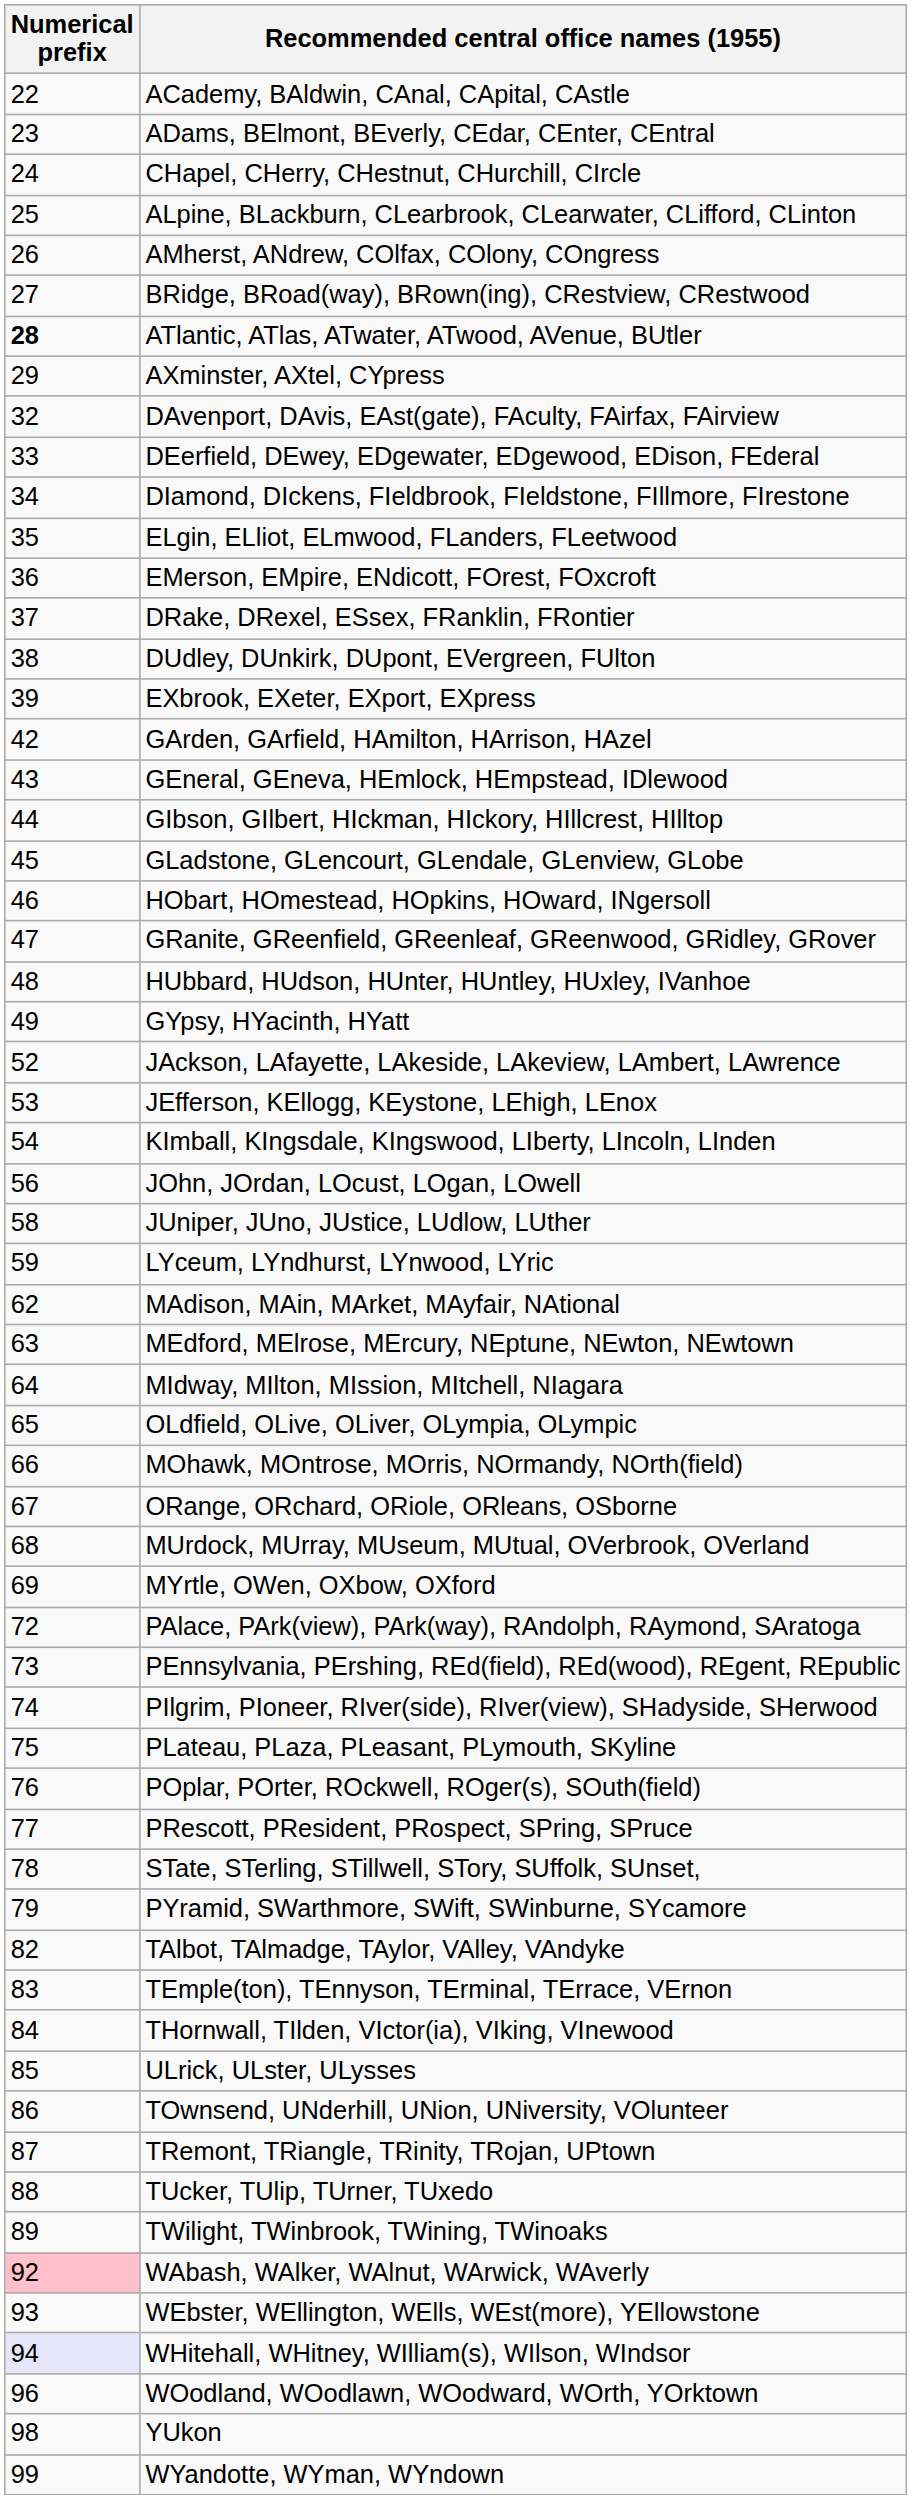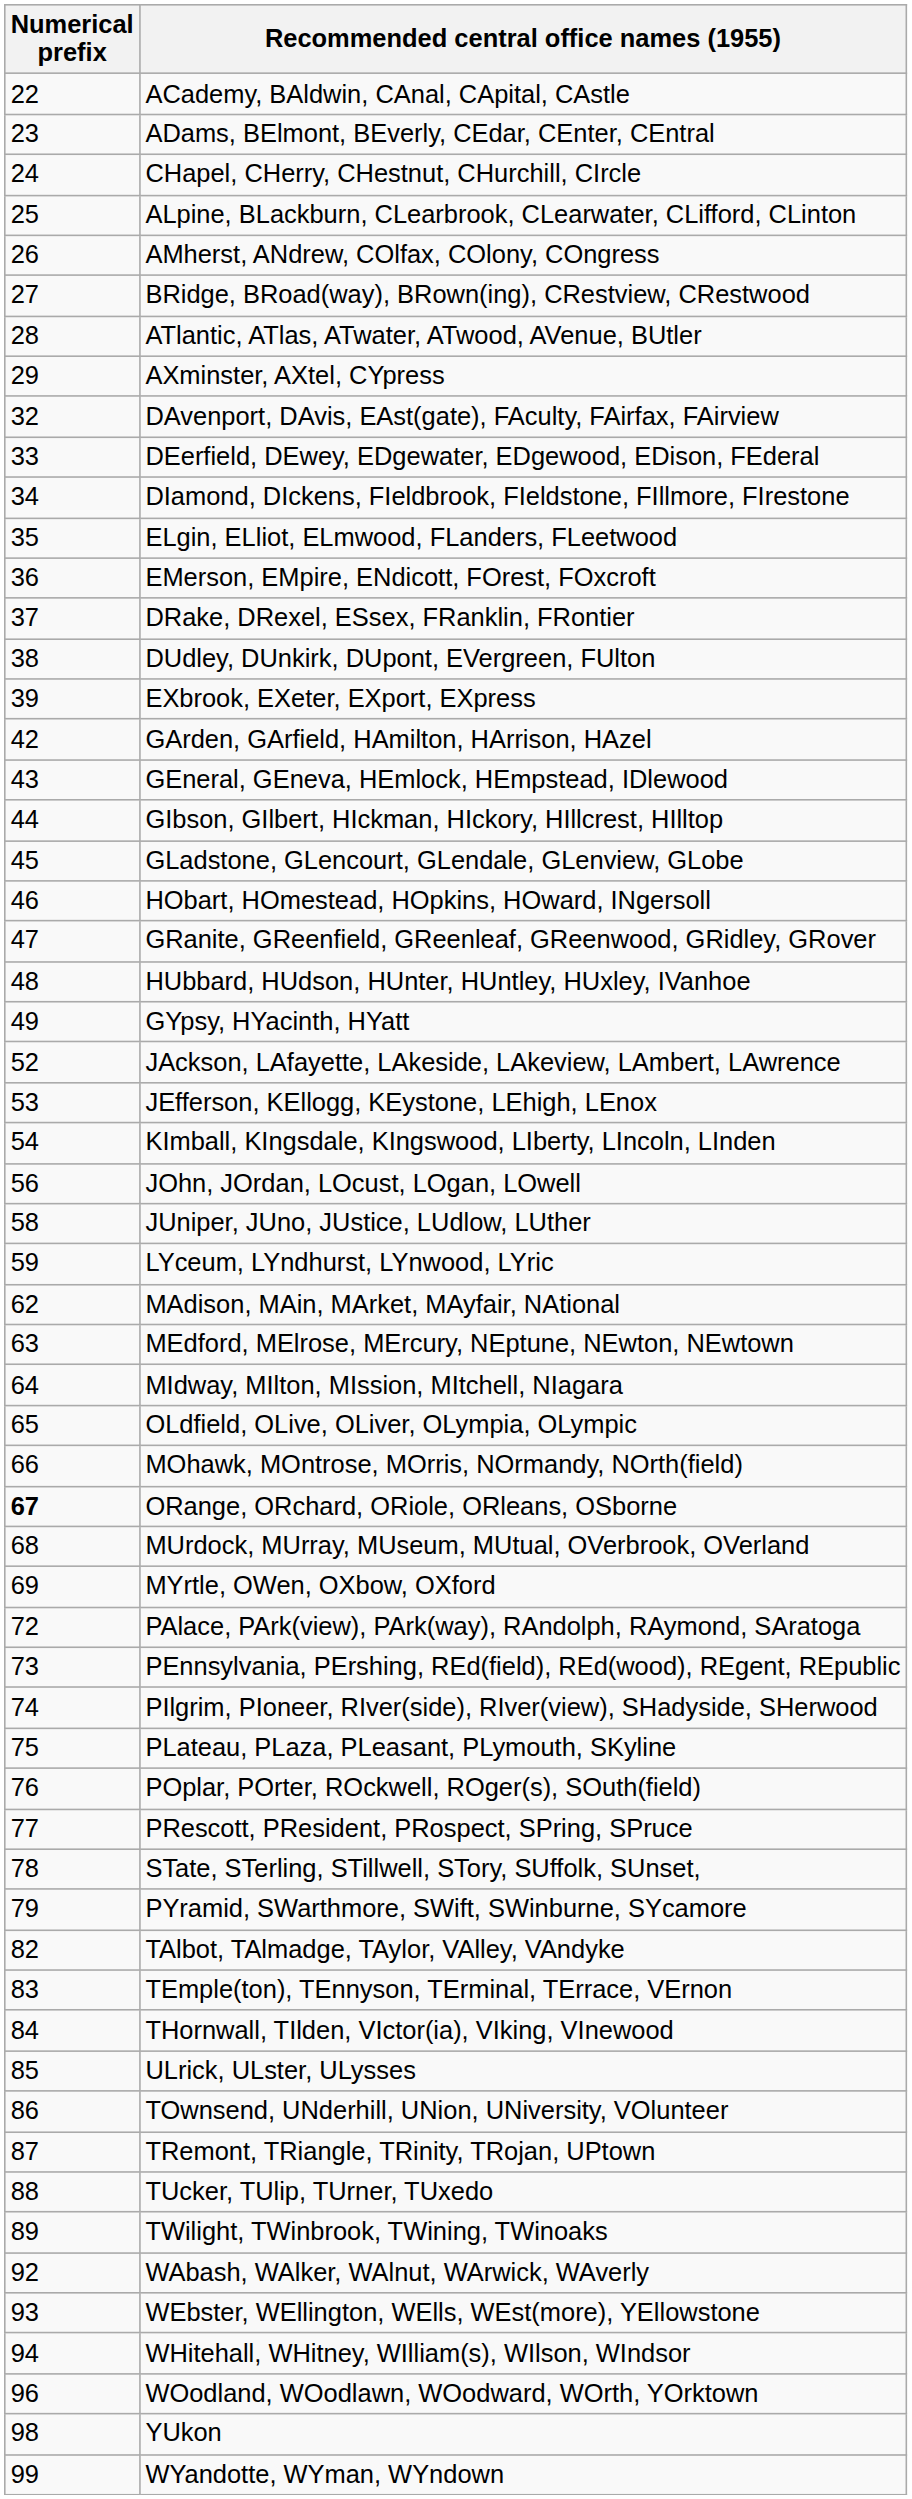 <table class=wikitable>
 <tr>
 <th>Numerical<br>prefix</th>
 <th>Recommended central office names (1955)</th>
 </tr>
 <tr>
 <td>22</td>
 <td>ACademy, BAldwin, CAnal, CApital, CAstle</td>
 </tr>
 <tr>
 <td>23</td>
 <td>ADams, BElmont, BEverly, CEdar, CEnter, CEntral</td>
 </tr>
 <tr>
 <td>24</td>
 <td>CHapel, CHerry, CHestnut, CHurchill, CIrcle</td>
 </tr>
 <tr>
 <td>25</td>
 <td>ALpine, BLackburn, CLearbrook, CLearwater, CLifford, CLinton</td>
 </tr>
 <tr>
 <td>26</td>
 <td>AMherst, ANdrew, COlfax, COlony, COngress</td>
 </tr>
 <tr>
 <td>27</td>
 <td>BRidge, BRoad(way), BRown(ing), CRestview, CRestwood</td>
 </tr>
 <tr>
-<td><strong>28</strong></td>
+<td>28</td>
 <td>ATlantic, ATlas, ATwater, ATwood, AVenue, BUtler</td>
 </tr>
 <tr>
 <td>29</td>
 <td>AXminster, AXtel, CYpress</td>
 </tr>
 <tr>
 <td>32</td>
 <td>DAvenport, DAvis, EAst(gate), FAculty, FAirfax, FAirview</td>
 </tr>
 <tr>
 <td>33</td>
 <td>DEerfield, DEwey, EDgewater, EDgewood, EDison, FEderal</td>
 </tr>
 <tr>
 <td>34</td>
 <td>DIamond, DIckens, FIeldbrook, FIeldstone, FIllmore, FIrestone</td>
 </tr>
 <tr>
 <td>35</td>
 <td>ELgin, ELliot, ELmwood, FLanders, FLeetwood</td>
 </tr>
 <tr>
 <td>36</td>
 <td>EMerson, EMpire, ENdicott, FOrest, FOxcroft</td>
 </tr>
 <tr>
 <td>37</td>
 <td>DRake, DRexel, ESsex, FRanklin, FRontier</td>
 </tr>
 <tr>
 <td>38</td>
 <td>DUdley, DUnkirk, DUpont, EVergreen, FUlton</td>
 </tr>
 <tr>
 <td>39</td>
 <td>EXbrook, EXeter, EXport, EXpress</td>
 </tr>
 <tr>
 <td>42</td>
 <td>GArden, GArfield, HAmilton, HArrison, HAzel</td>
 </tr>
 <tr>
 <td>43</td>
 <td>GEneral, GEneva, HEmlock, HEmpstead, IDlewood</td>
 </tr>
 <tr>
 <td>44</td>
 <td>GIbson, GIlbert, HIckman, HIckory, HIllcrest, HIlltop</td>
 </tr>
 <tr>
 <td>45</td>
 <td>GLadstone, GLencourt, GLendale, GLenview, GLobe</td>
 </tr>
 <tr>
 <td>46</td>
 <td>HObart, HOmestead, HOpkins, HOward, INgersoll</td>
 </tr>
 <tr>
 <td>47</td>
 <td>GRanite, GReenfield, GReenleaf, GReenwood, GRidley, GRover</td>
 </tr>
 <tr>
 <td>48</td>
 <td>HUbbard, HUdson, HUnter, HUntley, HUxley, IVanhoe</td>
 </tr>
 <tr>
 <td>49</td>
 <td>GYpsy, HYacinth, HYatt</td>
 </tr>
 <tr>
 <td>52</td>
 <td>JAckson, LAfayette, LAkeside, LAkeview, LAmbert, LAwrence</td>
 </tr>
 <tr>
 <td>53</td>
 <td>JEfferson, KEllogg, KEystone, LEhigh, LEnox</td>
 </tr>
 <tr>
 <td>54</td>
 <td>KImball, KIngsdale, KIngswood, LIberty, LIncoln, LInden</td>
 </tr>
 <tr>
 <td>56</td>
 <td>JOhn, JOrdan, LOcust, LOgan, LOwell</td>
 </tr>
 <tr>
 <td>58</td>
 <td>JUniper, JUno, JUstice, LUdlow, LUther</td>
 </tr>
 <tr>
 <td>59</td>
 <td>LYceum, LYndhurst, LYnwood, LYric</td>
 </tr>
 <tr>
 <td>62</td>
 <td>MAdison, MAin, MArket, MAyfair, NAtional</td>
 </tr>
 <tr>
 <td>63</td>
 <td>MEdford, MElrose, MErcury, NEptune, NEwton, NEwtown</td>
 </tr>
 <tr>
 <td>64</td>
 <td>MIdway, MIlton, MIssion, MItchell, NIagara</td>
 </tr>
 <tr>
 <td>65</td>
 <td>OLdfield, OLive, OLiver, OLympia, OLympic</td>
 </tr>
 <tr>
 <td>66</td>
 <td>MOhawk, MOntrose, MOrris, NOrmandy, NOrth(field)</td>
 </tr>
 <tr>
-<td>67</td>
+<td><strong>67</strong></td>
 <td>ORange, ORchard, ORiole, ORleans, OSborne</td>
 </tr>
 <tr>
 <td>68</td>
 <td>MUrdock, MUrray, MUseum, MUtual, OVerbrook, OVerland</td>
 </tr>
 <tr>
 <td>69</td>
 <td>MYrtle, OWen, OXbow, OXford</td>
 </tr>
 <tr>
 <td>72</td>
 <td>PAlace, PArk(view), PArk(way), RAndolph, RAymond, SAratoga</td>
 </tr>
 <tr>
 <td>73</td>
 <td>PEnnsylvania, PErshing, REd(field), REd(wood), REgent, REpublic</td>
 </tr>
 <tr>
 <td>74</td>
 <td>PIlgrim, PIoneer, RIver(side), RIver(view), SHadyside, SHerwood</td>
 </tr>
 <tr>
 <td>75</td>
 <td>PLateau, PLaza, PLeasant, PLymouth, SKyline</td>
 </tr>
 <tr>
 <td>76</td>
 <td>POplar, POrter, ROckwell, ROger(s), SOuth(field)</td>
 </tr>
 <tr>
 <td>77</td>
 <td>PRescott, PResident, PRospect, SPring, SPruce</td>
 </tr>
 <tr>
 <td>78</td>
 <td>STate, STerling, STillwell, STory, SUffolk, SUnset,</td>
 </tr>
 <tr>
 <td>79</td>
 <td>PYramid, SWarthmore, SWift, SWinburne, SYcamore</td>
 </tr>
 <tr>
 <td>82</td>
 <td>TAlbot, TAlmadge, TAylor, VAlley, VAndyke</td>
 </tr>
 <tr>
 <td>83</td>
 <td>TEmple(ton), TEnnyson, TErminal, TErrace, VErnon</td>
 </tr>
 <tr>
 <td>84</td>
 <td>THornwall, TIlden, VIctor(ia), VIking, VInewood</td>
 </tr>
 <tr>
 <td>85</td>
 <td>ULrick, ULster, ULysses</td>
 </tr>
 <tr>
 <td>86</td>
 <td>TOwnsend, UNderhill, UNion, UNiversity, VOlunteer</td>
 </tr>
 <tr>
 <td>87</td>
 <td>TRemont, TRiangle, TRinity, TRojan, UPtown</td>
 </tr>
 <tr>
 <td>88</td>
 <td>TUcker, TUlip, TUrner, TUxedo</td>
 </tr>
 <tr>
 <td>89</td>
 <td>TWilight, TWinbrook, TWining, TWinoaks</td>
 </tr>
 <tr>
-<td style="background: pink;">92</td>
+<td>92</td>
 <td>WAbash, WAlker, WAlnut, WArwick, WAverly</td>
 </tr>
 <tr>
 <td>93</td>
 <td>WEbster, WEllington, WElls, WEst(more), YEllowstone</td>
 </tr>
 <tr>
-<td style="background: lavender;">94</td>
+<td>94</td>
 <td>WHitehall, WHitney, WIlliam(s), WIlson, WIndsor</td>
 </tr>
 <tr>
 <td>96</td>
 <td>WOodland, WOodlawn, WOodward, WOrth, YOrktown</td>
 </tr>
 <tr>
 <td>98</td>
 <td>YUkon</td>
 </tr>
 <tr>
 <td>99</td>
 <td>WYandotte, WYman, WYndown</td>
 </tr>
 </table>
